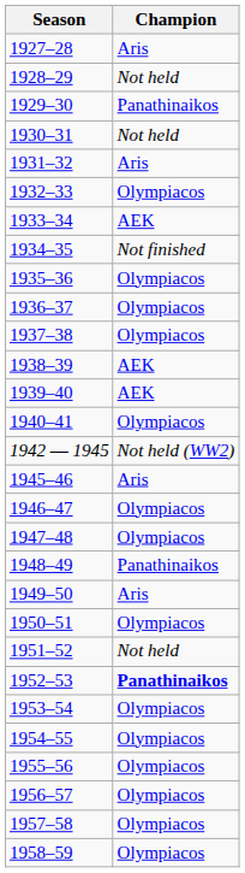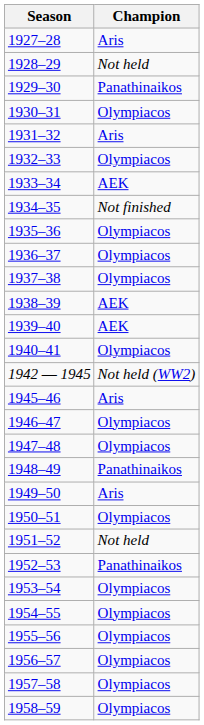 <table class="wikitable sortable" style="display:inline-table">
 <tr>
 <th>Season</th>
 <th>Champion</th>
 </tr>
 <tr>
 <td><a href='#'>1927–28</a></td>
 <td> <a href='#'>Aris</a></td>
 </tr>
 <tr>
 <td><a href='#'>1928–29</a></td>
 <td><em>Not held</em></td>
 </tr>
 <tr>
 <td><a href='#'>1929–30</a></td>
 <td> <a href='#'>Panathinaikos</a></td>
 </tr>
 <tr>
 <td><a href='#'>1930–31</a></td>
-<td><em>Not held</em></td>
+<td> <a href='#'>Olympiacos</a></td>
 </tr>
 <tr>
 <td><a href='#'>1931–32</a></td>
 <td> <a href='#'>Aris</a></td>
 </tr>
 <tr>
 <td><a href='#'>1932–33</a></td>
 <td> <a href='#'>Olympiacos</a></td>
 </tr>
 <tr>
 <td><a href='#'>1933–34</a></td>
 <td> <a href='#'>AEK</a></td>
 </tr>
 <tr>
 <td><a href='#'>1934–35</a></td>
 <td><em>Not finished</em></td>
 </tr>
 <tr>
 <td><a href='#'>1935–36</a></td>
 <td> <a href='#'>Olympiacos</a></td>
 </tr>
 <tr>
 <td><a href='#'>1936–37</a></td>
 <td> <a href='#'>Olympiacos</a></td>
 </tr>
 <tr>
 <td><a href='#'>1937–38</a></td>
 <td> <a href='#'>Olympiacos</a></td>
 </tr>
 <tr>
 <td><a href='#'>1938–39</a></td>
 <td> <a href='#'>AEK</a></td>
 </tr>
 <tr>
 <td><a href='#'>1939–40</a></td>
 <td> <a href='#'>AEK</a></td>
 </tr>
 <tr>
 <td><a href='#'>1940–41</a></td>
 <td> <a href='#'>Olympiacos</a></td>
 </tr>
 <tr>
 <td><em>1942</em> <strong>—</strong> <em>1945</em></td>
 <td><em>Not held (<a href='#'>WW2</a>)</em></td>
 </tr>
 <tr>
 <td><a href='#'>1945–46</a></td>
 <td> <a href='#'>Aris</a></td>
 </tr>
 <tr>
 <td><a href='#'>1946–47</a></td>
 <td> <a href='#'>Olympiacos</a></td>
 </tr>
 <tr>
 <td><a href='#'>1947–48</a></td>
 <td> <a href='#'>Olympiacos</a></td>
 </tr>
 <tr>
 <td><a href='#'>1948–49</a></td>
 <td> <a href='#'>Panathinaikos</a></td>
 </tr>
 <tr>
 <td><a href='#'>1949–50</a></td>
 <td> <a href='#'>Aris</a></td>
 </tr>
 <tr>
 <td><a href='#'>1950–51</a></td>
 <td> <a href='#'>Olympiacos</a></td>
 </tr>
 <tr>
 <td><a href='#'>1951–52</a></td>
 <td><em>Not held</em></td>
 </tr>
 <tr>
 <td><a href='#'>1952–53</a></td>
-<td><strong> <a href='#'>Panathinaikos</a></strong></td>
+<td> <a href='#'>Panathinaikos</a></td>
 </tr>
 <tr>
 <td><a href='#'>1953–54</a></td>
 <td> <a href='#'>Olympiacos</a></td>
 </tr>
 <tr>
 <td><a href='#'>1954–55</a></td>
 <td> <a href='#'>Olympiacos</a></td>
 </tr>
 <tr>
 <td><a href='#'>1955–56</a></td>
 <td> <a href='#'>Olympiacos</a></td>
 </tr>
 <tr>
 <td><a href='#'>1956–57</a></td>
 <td> <a href='#'>Olympiacos</a></td>
 </tr>
 <tr>
 <td><a href='#'>1957–58</a></td>
 <td> <a href='#'>Olympiacos</a></td>
 </tr>
 <tr>
 <td><a href='#'>1958–59</a></td>
 <td> <a href='#'>Olympiacos</a></td>
 </tr>
 </table>
